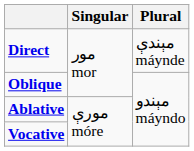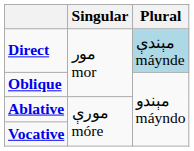 <table class="wikitable">
 <tr>
 <th></th>
 <th>Singular</th>
 <th>Plural</th>
 </tr>
 <tr>
 <td><strong><a href='#'>Direct</a></strong></td>
 <td rowspan="2">مور<br>mor</td>
-<td>مېندې<br>máynde</td>
+<td style="background: lightblue;">مېندې<br>máynde</td>
 </tr>
 <tr>
 <td><strong><a href='#'>Oblique</a></strong></td>
 <td rowspan="3">مېندو<br>máyndo</td>
 </tr>
 <tr>
 <td><strong><a href='#'>Ablative</a></strong></td>
 <td rowspan="2">مورې<br>móre</td>
 </tr>
 <tr>
 <td><strong><a href='#'>Vocative</a></strong></td>
 </tr>
 </table>
